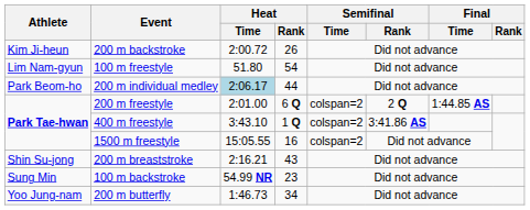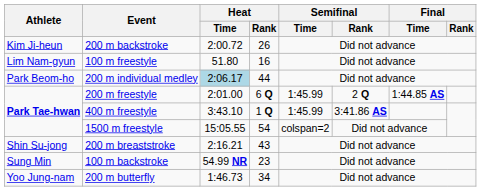 <table class=wikitable style="font-size:90%">
 <tr>
 <th rowspan="2">Athlete</th>
 <th rowspan="2">Event</th>
 <th colspan="2">Heat</th>
 <th colspan="2">Semifinal</th>
 <th colspan="2">Final</th>
 </tr>
 <tr style="font-size:95%">
 <th>Time</th>
 <th>Rank</th>
 <th>Time</th>
 <th>Rank</th>
 <th>Time</th>
 <th>Rank</th>
 </tr>
 <tr align=center>
 <td align=left><a href='#'>Kim Ji-heun</a></td>
 <td align=left><a href='#'>200 m backstroke</a></td>
 <td>2:00.72</td>
 <td>26</td>
 <td colspan=4>Did not advance</td>
 </tr>
 <tr align=center>
 <td align=left><a href='#'>Lim Nam-gyun</a></td>
 <td align=left><a href='#'>100 m freestyle</a></td>
 <td>51.80</td>
-<td>54</td>
+<td>16</td>
 <td colspan=4>Did not advance</td>
 </tr>
 <tr align=center>
 <td align=left><a href='#'>Park Beom-ho</a></td>
 <td align=left><a href='#'>200 m individual medley</a></td>
 <td style="background: lightblue;">2:06.17</td>
 <td>44</td>
 <td colspan=4>Did not advance</td>
 </tr>
 <tr align=center>
 <td align=left rowspan=3><strong><a href='#'>Park Tae-hwan</a></strong></td>
 <td align=left><a href='#'>200 m freestyle</a></td>
 <td>2:01.00</td>
 <td>6 <strong>Q</strong></td>
-<td>colspan=2 </td>
+<td>1:45.99</td>
 <td>2 <strong>Q</strong></td>
 <td>1:44.85 <strong><a href='#'>AS</a></strong></td>
 <td></td>
 </tr>
 <tr align=center>
 <td align=left><a href='#'>400 m freestyle</a></td>
 <td>3:43.10</td>
 <td>1 <strong>Q</strong></td>
-<td>colspan=2 </td>
+<td>1:45.99</td>
 <td>3:41.86  <strong><a href='#'>AS</a></strong></td>
 <td></td>
 </tr>
 <tr align=center>
 <td align=left><a href='#'>1500 m freestyle</a></td>
 <td>15:05.55</td>
-<td>16</td>
+<td>54</td>
 <td>colspan=2 </td>
 <td colspan=2>Did not advance</td>
 </tr>
 <tr align=center>
 <td align=left><a href='#'>Shin Su-jong</a></td>
 <td align=left><a href='#'>200 m breaststroke</a></td>
 <td>2:16.21</td>
 <td>43</td>
 <td colspan=4>Did not advance</td>
 </tr>
 <tr align=center>
 <td align=left><a href='#'>Sung Min</a></td>
 <td align=left><a href='#'>100 m backstroke</a></td>
 <td>54.99 <strong><a href='#'>NR</a></strong></td>
 <td>23</td>
 <td colspan=4>Did not advance</td>
 </tr>
 <tr align=center>
 <td align=left><a href='#'>Yoo Jung-nam</a></td>
 <td align=left><a href='#'>200 m butterfly</a></td>
 <td>1:46.73</td>
 <td>34</td>
 <td colspan=4>Did not advance</td>
 </tr>
 </table>
